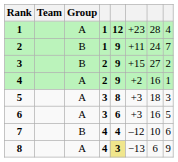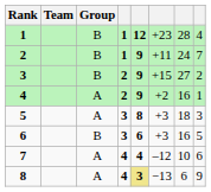 <table class="wikitable sortable" style="text-align:center;">
 <tr>
 <th>Rank</th>
 <th>Team</th>
 <th>Group</th>
 <th></th>
 <th></th>
 <th></th>
 <th></th>
 <th></th>
 </tr>
 <tr style="background-color:#BBF3BB;">
 <td><strong>1</strong></td>
 <td align=left></td>
-<td>A</td>
+<td>B</td>
 <td><strong>1</strong></td>
 <td><strong>12</strong></td>
 <td>+23</td>
 <td>28</td>
 <td>4</td>
 </tr>
 <tr style="background-color:#BBF3BB;">
 <td><strong>2</strong></td>
 <td align=left></td>
 <td>B</td>
 <td><strong>1</strong></td>
 <td><strong>9</strong></td>
 <td>+11</td>
 <td>24</td>
 <td>7</td>
 </tr>
 <tr style="background-color:#BBF3BB;">
 <td><strong>3</strong></td>
 <td align=left></td>
 <td>B</td>
 <td><strong>2</strong></td>
 <td><strong>9</strong></td>
 <td>+15</td>
 <td>27</td>
 <td>2</td>
 </tr>
 <tr style="background-color:#BBF3BB;">
 <td><strong>4</strong></td>
 <td align=left></td>
 <td>A</td>
 <td><strong>2</strong></td>
 <td><strong>9</strong></td>
 <td>+2</td>
 <td>16</td>
 <td>1</td>
 </tr>
 <tr>
 <td><strong>5</strong></td>
 <td align=left></td>
 <td>A</td>
 <td><strong>3</strong></td>
 <td><strong>8</strong></td>
 <td>+3</td>
 <td>18</td>
 <td>3</td>
 </tr>
 <tr>
 <td><strong>6</strong></td>
 <td align=left></td>
-<td>A</td>
+<td>B</td>
 <td><strong>3</strong></td>
 <td><strong>6</strong></td>
 <td>+3</td>
 <td>16</td>
 <td>5</td>
 </tr>
 <tr>
 <td><strong>7</strong></td>
 <td align=left></td>
-<td>B</td>
+<td>A</td>
 <td><strong>4</strong></td>
 <td><strong>4</strong></td>
 <td>–12</td>
 <td>10</td>
 <td>6</td>
 </tr>
 <tr>
 <td><strong>8</strong></td>
 <td align=left></td>
 <td>A</td>
 <td><strong>4</strong></td>
 <td style="background: khaki;"><strong>3</strong></td>
 <td>−13</td>
 <td>6</td>
 <td>9</td>
 </tr>
 </table>
